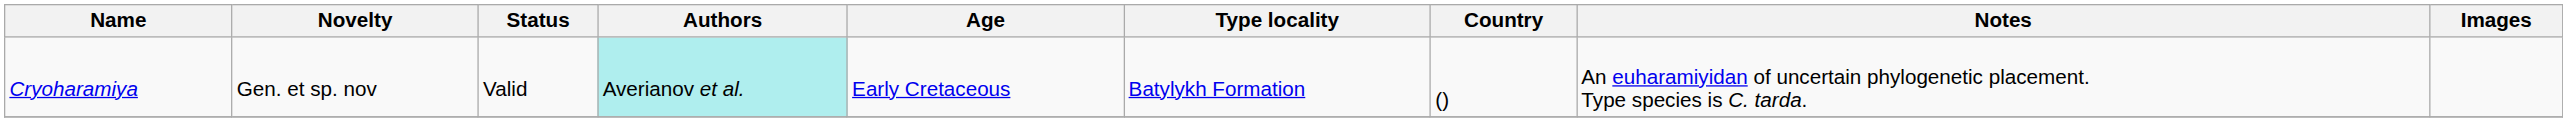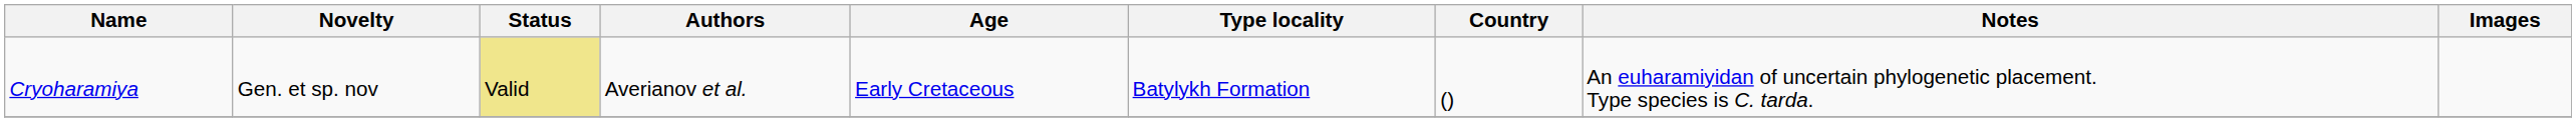 <table class="wikitable sortable" align="center" width="100%">
 <tr>
 <th>Name</th>
 <th>Novelty</th>
 <th>Status</th>
 <th>Authors</th>
 <th>Age</th>
 <th>Type locality</th>
 <th>Country</th>
 <th>Notes</th>
 <th>Images</th>
 </tr>
 <tr>
 <td><br><em><a href='#'>Cryoharamiya</a></em></td>
 <td><br>Gen. et sp. nov</td>
-<td><br>Valid</td>
-<td style="background: paleturquoise;"><br>Averianov <em>et al.</em></td>
+<td style="background: khaki;"><br>Valid</td>
+<td><br>Averianov <em>et al.</em></td>
 <td><br><a href='#'>Early Cretaceous</a></td>
 <td><br><a href='#'>Batylykh Formation</a></td>
 <td><br><br>()</td>
 <td><br>An <a href='#'>euharamiyidan</a> of uncertain phylogenetic placement.<br> Type species is <em>C. tarda</em>.</td>
 <td></td>
 </tr>
 <tr>
 </tr>
 </table>
